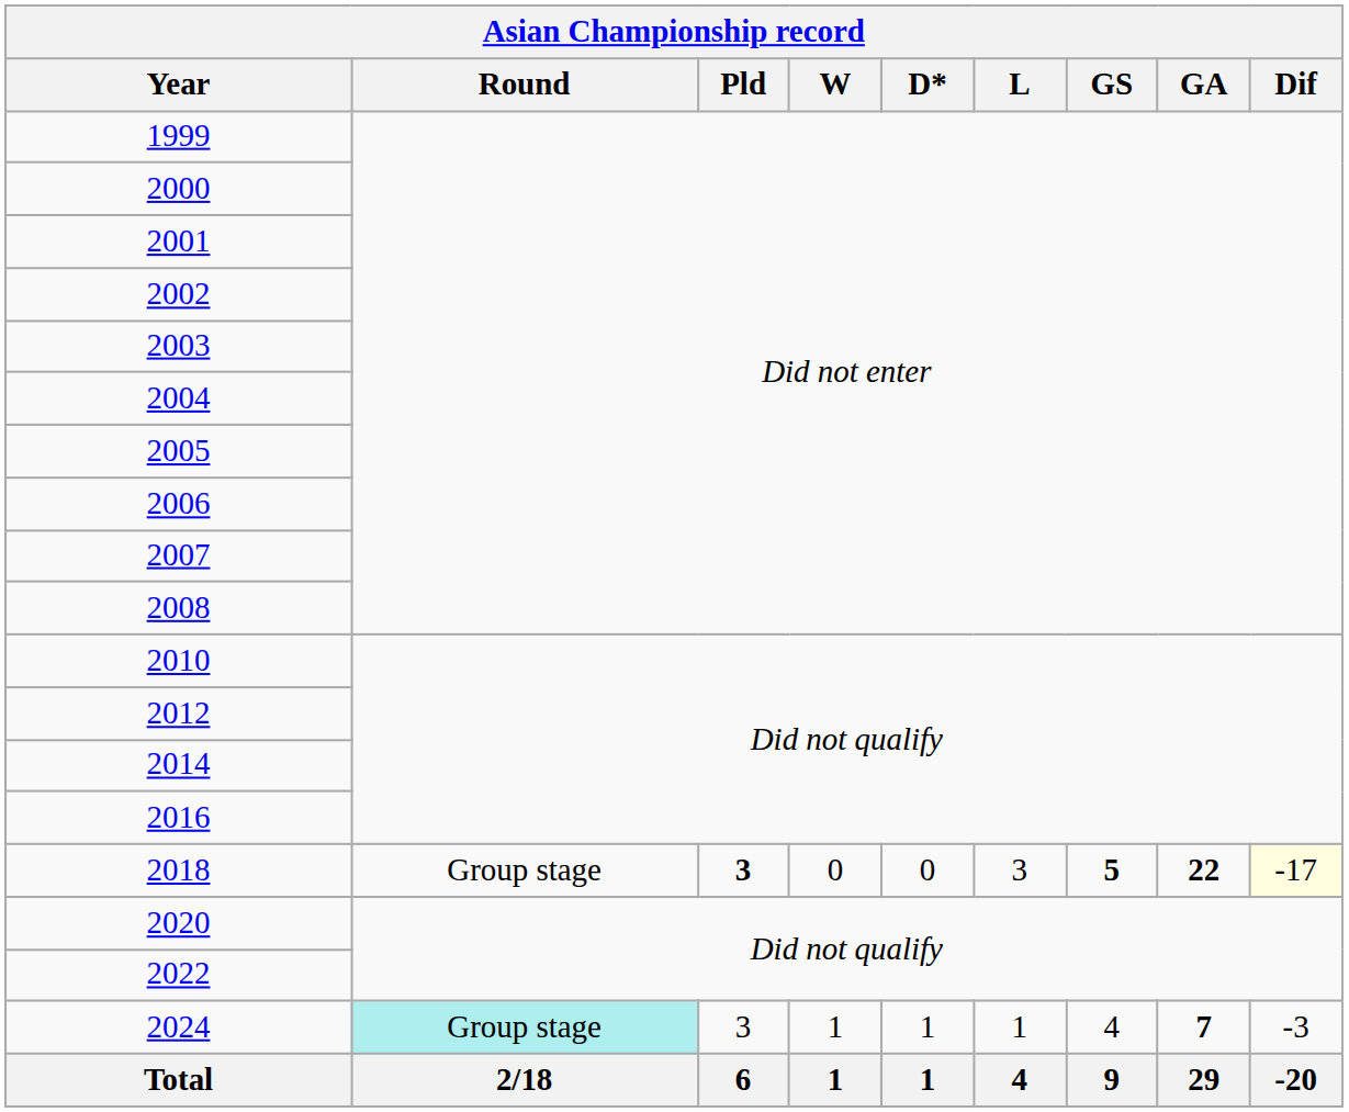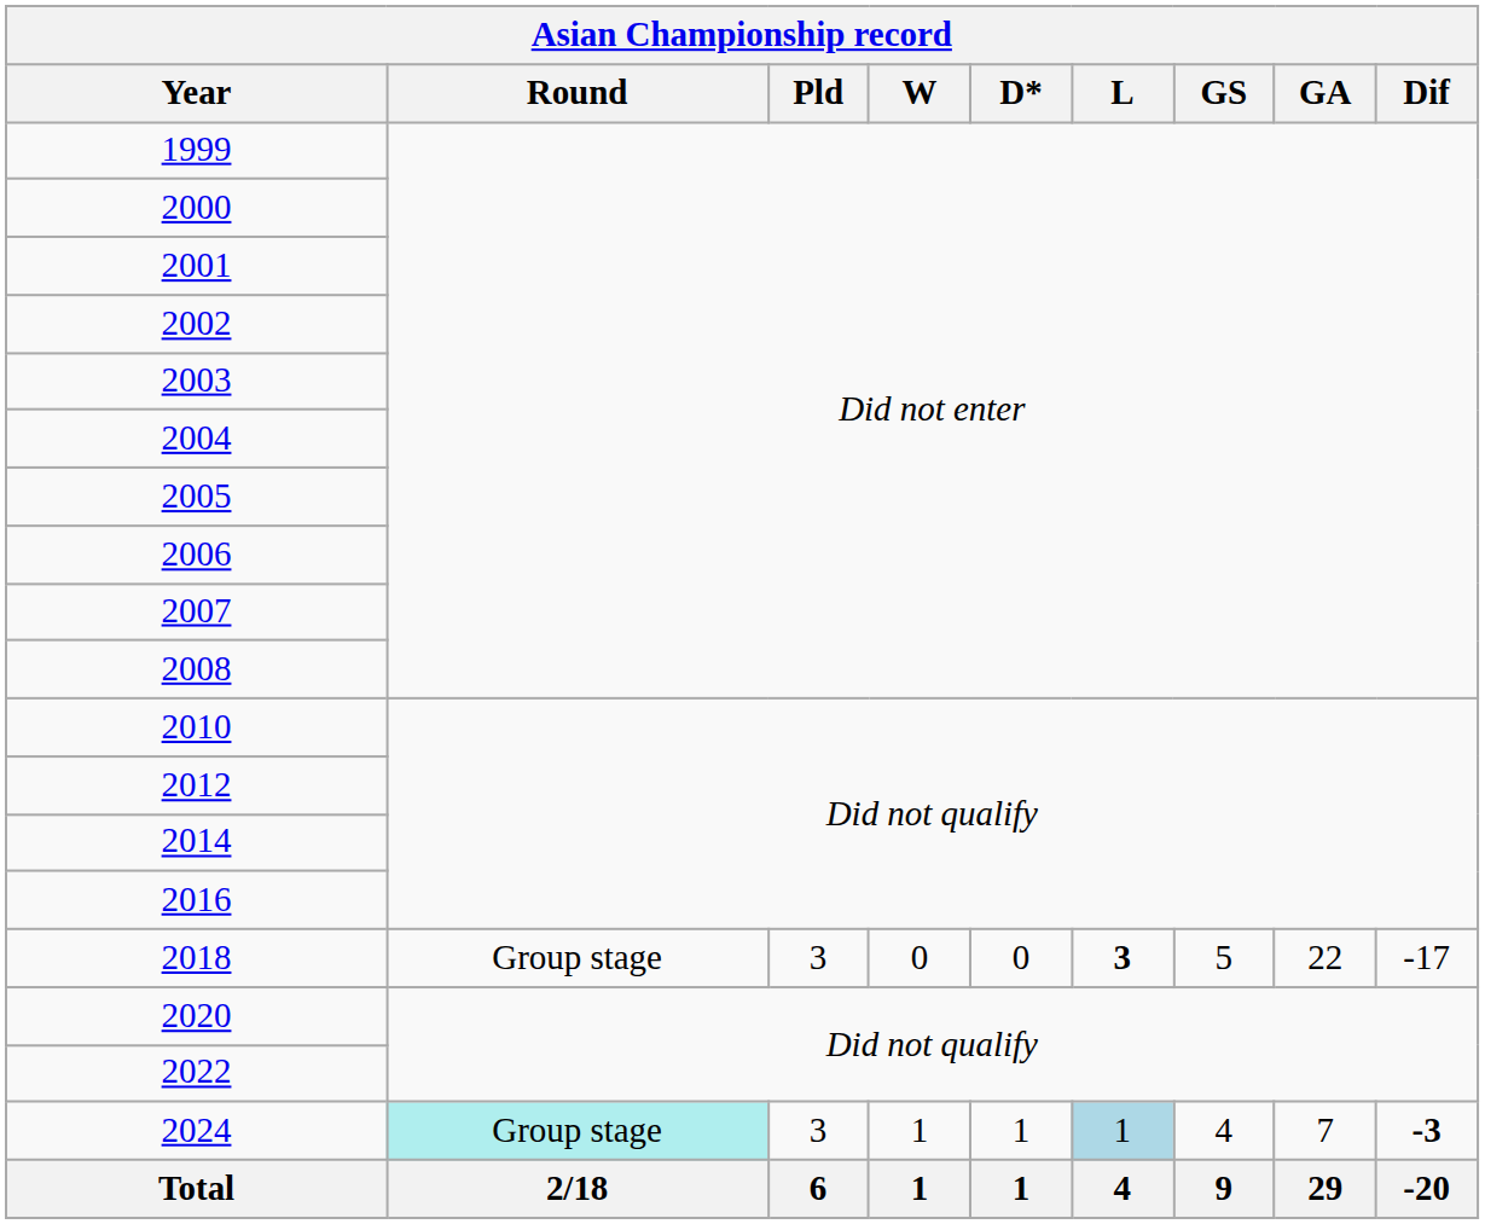 <table class="wikitable" style="text-align: center;font-size:90%;">
 <tr>
 <th colspan=9><a href='#'>Asian Championship record</a></th>
 </tr>
 <tr>
 <th width=150>Year</th>
 <th width=150>Round</th>
 <th width=35>Pld</th>
 <th width=35>W</th>
 <th width=35>D*</th>
 <th width=35>L</th>
 <th width=35>GS</th>
 <th width=35>GA</th>
 <th width=35>Dif</th>
 </tr>
 <tr>
 <td> <a href='#'>1999</a></td>
 <td colspan=9 rowspan=10><em>Did not enter</em></td>
 </tr>
 <tr>
 <td> <a href='#'>2000</a></td>
 </tr>
 <tr>
 <td> <a href='#'>2001</a></td>
 </tr>
 <tr>
 <td> <a href='#'>2002</a></td>
 </tr>
 <tr>
 <td> <a href='#'>2003</a></td>
 </tr>
 <tr>
 <td> <a href='#'>2004</a></td>
 </tr>
 <tr>
 <td> <a href='#'>2005</a></td>
 </tr>
 <tr>
 <td> <a href='#'>2006</a></td>
 </tr>
 <tr>
 <td> <a href='#'>2007</a></td>
 </tr>
 <tr>
 <td> <a href='#'>2008</a></td>
 </tr>
 <tr>
 <td> <a href='#'>2010</a></td>
 <td colspan=9 rowspan=4><em>Did not qualify</em></td>
 </tr>
 <tr>
 <td> <a href='#'>2012</a></td>
 </tr>
 <tr>
 <td> <a href='#'>2014</a></td>
 </tr>
 <tr>
 <td> <a href='#'>2016</a></td>
 </tr>
 <tr>
 <td> <a href='#'>2018</a></td>
 <td>Group stage</td>
-<td><strong>3</strong></td>
+<td>3</td>
 <td>0</td>
 <td>0</td>
-<td>3</td>
-<td><strong>5</strong></td>
-<td><strong>22</strong></td>
-<td style="background: lightyellow;">-17</td>
+<td><strong>3</strong></td>
+<td>5</td>
+<td>22</td>
+<td>-17</td>
 </tr>
 <tr>
 <td> <a href='#'>2020</a></td>
 <td colspan=10 rowspan=2><em>Did not qualify</em></td>
 </tr>
 <tr>
 <td> <a href='#'>2022</a></td>
 </tr>
 <tr>
 <td> <a href='#'>2024</a></td>
 <td style="background: paleturquoise;">Group stage</td>
 <td>3</td>
 <td>1</td>
 <td>1</td>
-<td>1</td>
+<td style="background: lightblue;">1</td>
 <td>4</td>
-<td><strong>7</strong></td>
-<td>-3</td>
+<td>7</td>
+<td><strong>-3</strong></td>
 </tr>
 <tr>
 <th>Total</th>
 <th>2/18</th>
 <th>6</th>
 <th>1</th>
 <th>1</th>
 <th>4</th>
 <th>9</th>
 <th>29</th>
 <th>-20</th>
 </tr>
 </table>
